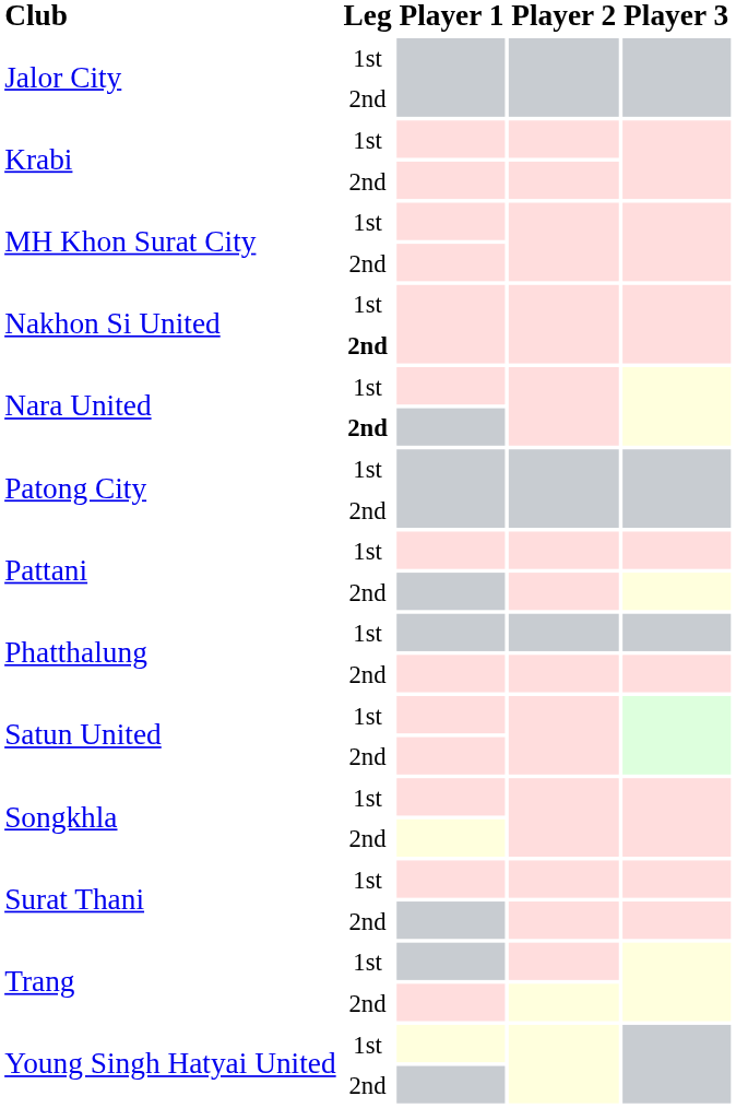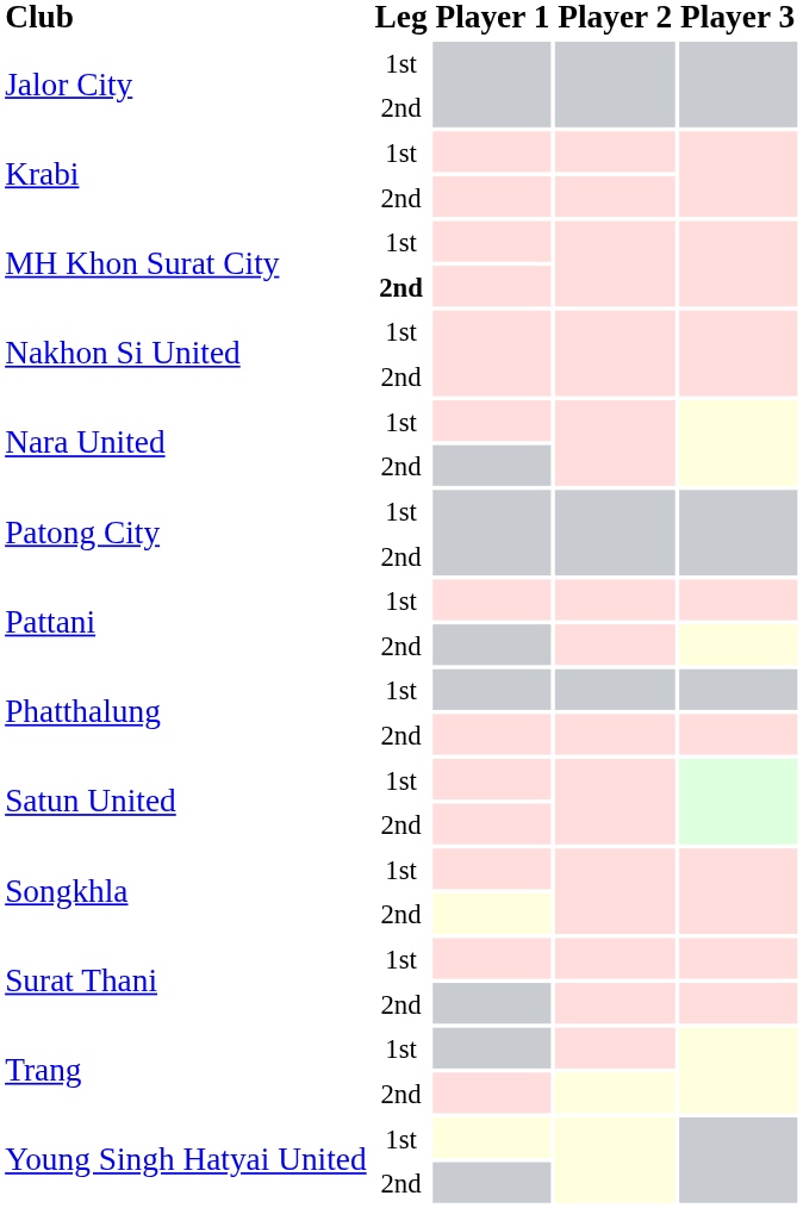 <table class="sortable" style="text-align:left">
 <tr>
 <th>Club</th>
 <th>Leg</th>
 <th>Player 1</th>
 <th>Player 2</th>
 <th>Player 3</th>
 </tr>
 <tr>
 <td rowspan="2"><a href='#'>Jalor City</a></td>
 <td align="center"><small>1st</small></td>
 <td bgcolor="#c8ccd1"rowspan="2"></td>
 <td bgcolor="#c8ccd1"rowspan="2"></td>
 <td bgcolor="#c8ccd1"rowspan="2"></td>
 </tr>
 <tr>
 <td align="center"><small>2nd</small></td>
 </tr>
 <tr>
 <td rowspan="2"><a href='#'>Krabi</a></td>
 <td align="center"><small>1st</small></td>
 <td bgcolor="#ffdddd"></td>
 <td bgcolor="#ffdddd"></td>
 <td bgcolor="#ffdddd"rowspan="2"></td>
 </tr>
 <tr>
 <td align="center"><small>2nd</small></td>
 <td bgcolor="#ffdddd"></td>
 <td bgcolor="#ffdddd"></td>
 </tr>
 <tr>
 <td rowspan="2"><a href='#'>MH Khon Surat City</a></td>
 <td align="center"><small>1st</small></td>
 <td bgcolor="#ffdddd"></td>
 <td bgcolor="#ffdddd"rowspan="2"></td>
 <td bgcolor="#ffdddd"rowspan="2"></td>
 </tr>
 <tr>
-<td align="center"><small>2nd</small></td>
+<td align="center"><strong><small>2nd</small></strong></td>
 <td bgcolor="#ffdddd"></td>
 </tr>
 <tr>
 <td rowspan="2"><a href='#'>Nakhon Si United</a></td>
 <td align="center"><small>1st</small></td>
 <td bgcolor="#ffdddd"rowspan="2"></td>
 <td bgcolor="#ffdddd"rowspan="2"></td>
 <td bgcolor="#ffdddd"rowspan="2"></td>
 </tr>
 <tr>
-<td align="center"><strong><small>2nd</small></strong></td>
+<td align="center"><small>2nd</small></td>
 </tr>
 <tr>
 <td rowspan="2"><a href='#'>Nara United</a></td>
 <td align="center"><small>1st</small></td>
 <td bgcolor="#ffdddd"></td>
 <td bgcolor="#ffdddd"rowspan="2"></td>
 <td bgcolor="#ffffdd"rowspan="2"></td>
 </tr>
 <tr>
-<td align="center"><strong><small>2nd</small></strong></td>
+<td align="center"><small>2nd</small></td>
 <td bgcolor="#c8ccd1"></td>
 </tr>
 <tr>
 <td rowspan="2"><a href='#'>Patong City</a></td>
 <td align="center"><small>1st</small></td>
 <td bgcolor="#c8ccd1"rowspan="2"></td>
 <td bgcolor="#c8ccd1"rowspan="2"></td>
 <td bgcolor="#c8ccd1"rowspan="2"></td>
 </tr>
 <tr>
 <td align="center"><small>2nd</small></td>
 </tr>
 <tr>
 <td rowspan="2"><a href='#'>Pattani</a></td>
 <td align="center"><small>1st</small></td>
 <td bgcolor="#ffdddd"></td>
 <td bgcolor="#ffdddd"></td>
 <td bgcolor="#ffdddd"></td>
 </tr>
 <tr>
 <td align="center"><small>2nd</small></td>
 <td bgcolor="#c8ccd1"></td>
 <td bgcolor="#ffdddd"></td>
 <td bgcolor="#ffffdd"></td>
 </tr>
 <tr>
 <td rowspan="2"><a href='#'>Phatthalung</a></td>
 <td align="center"><small>1st</small></td>
 <td bgcolor="#c8ccd1"></td>
 <td bgcolor="#c8ccd1"></td>
 <td bgcolor="#c8ccd1"></td>
 </tr>
 <tr>
 <td align="center"><small>2nd</small></td>
 <td bgcolor="#ffdddd"></td>
 <td bgcolor="#ffdddd"></td>
 <td bgcolor="#ffdddd"></td>
 </tr>
 <tr>
 <td rowspan="2"><a href='#'>Satun United</a></td>
 <td align="center"><small>1st</small></td>
 <td bgcolor="#ffdddd"></td>
 <td bgcolor="#ffdddd"rowspan="2"></td>
 <td bgcolor="#ddffdd"rowspan="2"></td>
 </tr>
 <tr>
 <td align="center"><small>2nd</small></td>
 <td bgcolor="#ffdddd"></td>
 </tr>
 <tr>
 <td rowspan="2"><a href='#'>Songkhla</a></td>
 <td align="center"><small>1st</small></td>
 <td bgcolor="#ffdddd"></td>
 <td bgcolor="#ffdddd"rowspan="2"></td>
 <td bgcolor="#ffdddd"rowspan="2"></td>
 </tr>
 <tr>
 <td align="center"><small>2nd</small></td>
 <td bgcolor="#ffffdd"></td>
 </tr>
 <tr>
 <td rowspan="2"><a href='#'>Surat Thani</a></td>
 <td align="center"><small>1st</small></td>
 <td bgcolor="#ffdddd"></td>
 <td bgcolor="#ffdddd"></td>
 <td bgcolor="#ffdddd"></td>
 </tr>
 <tr>
 <td align="center"><small>2nd</small></td>
 <td bgcolor="#c8ccd1"></td>
 <td bgcolor="#ffdddd"></td>
 <td bgcolor="#ffdddd"></td>
 </tr>
 <tr>
 <td rowspan="2"><a href='#'>Trang</a></td>
 <td align="center"><small>1st</small></td>
 <td bgcolor="#c8ccd1"></td>
 <td bgcolor="#ffdddd"></td>
 <td bgcolor="#ffffdd"rowspan="2"></td>
 </tr>
 <tr>
 <td align="center"><small>2nd</small></td>
 <td bgcolor="#ffdddd"></td>
 <td bgcolor="#ffffdd"></td>
 </tr>
 <tr>
 <td rowspan="2"><a href='#'>Young Singh Hatyai United</a></td>
 <td align="center"><small>1st</small></td>
 <td bgcolor="#ffffdd"></td>
 <td bgcolor="#ffffdd"rowspan="2"></td>
 <td bgcolor="#c8ccd1"rowspan="2"></td>
 </tr>
 <tr>
 <td align="center"><small>2nd</small></td>
 <td bgcolor="#c8ccd1"></td>
 </tr>
 </table>
